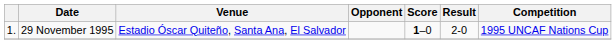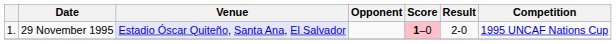 <table class="wikitable">
 <tr>
 <th></th>
 <th>Date</th>
 <th>Venue</th>
 <th>Opponent</th>
 <th>Score</th>
 <th>Result</th>
 <th>Competition</th>
 </tr>
 <tr>
 <td align="center">1.</td>
 <td>29 November 1995</td>
-<td><a href='#'>Estadio Óscar Quiteño</a>, <a href='#'>Santa Ana</a>, <a href='#'>El Salvador</a></td>
+<td style="background: lavender;"><a href='#'>Estadio Óscar Quiteño</a>, <a href='#'>Santa Ana</a>, <a href='#'>El Salvador</a></td>
 <td></td>
-<td align="center"><strong>1</strong>–0</td>
+<td align="center" style="background: pink;"><strong>1</strong>–0</td>
 <td align="center">2-0</td>
 <td><a href='#'>1995 UNCAF Nations Cup</a></td>
 </tr>
 <tr>
 </tr>
 </table>
